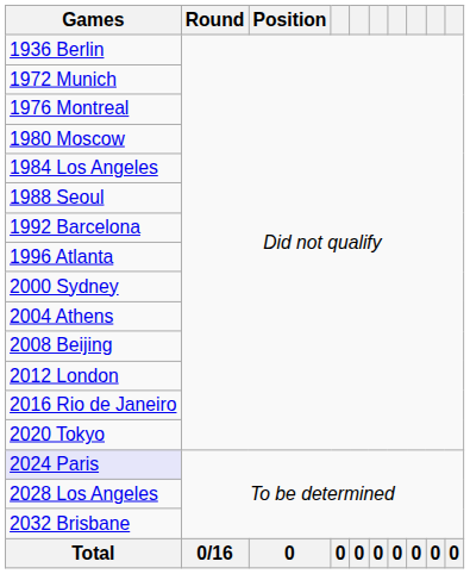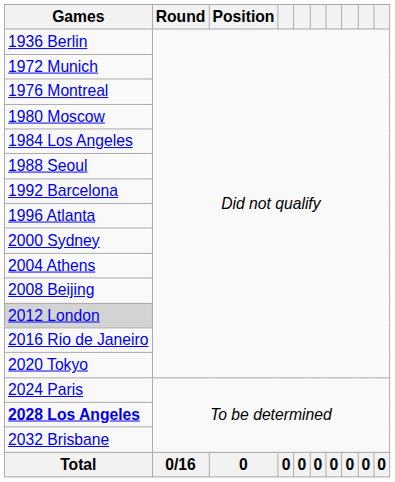 <table class="wikitable" style="text-align: center;">
 <tr>
 <th>Games</th>
 <th>Round</th>
 <th>Position</th>
 <th></th>
 <th></th>
 <th></th>
 <th></th>
 <th></th>
 <th></th>
 <th></th>
 </tr>
 <tr>
 <td align=left> <a href='#'>1936 Berlin</a></td>
 <td rowspan=14 colspan=9><em>Did not qualify</em></td>
 </tr>
 <tr>
 <td align=left> <a href='#'>1972 Munich</a></td>
 </tr>
 <tr>
 <td align=left> <a href='#'>1976 Montreal</a></td>
 </tr>
 <tr>
 <td align=left> <a href='#'>1980 Moscow</a></td>
 </tr>
 <tr>
 <td align=left> <a href='#'>1984 Los Angeles</a></td>
 </tr>
 <tr>
 <td align=left> <a href='#'>1988 Seoul</a></td>
 </tr>
 <tr>
 <td align=left> <a href='#'>1992 Barcelona</a></td>
 </tr>
 <tr>
 <td align=left> <a href='#'>1996 Atlanta</a></td>
 </tr>
 <tr>
 <td align=left> <a href='#'>2000 Sydney</a></td>
 </tr>
 <tr>
 <td align=left> <a href='#'>2004 Athens</a></td>
 </tr>
 <tr>
 <td align=left> <a href='#'>2008 Beijing</a></td>
 </tr>
 <tr>
-<td align=left> <a href='#'>2012 London</a></td>
+<td align=left style="background: lightgrey;"> <a href='#'>2012 London</a></td>
 </tr>
 <tr>
 <td align=left> <a href='#'>2016 Rio de Janeiro</a></td>
 </tr>
 <tr>
 <td align=left> <a href='#'>2020 Tokyo</a></td>
 </tr>
 <tr>
-<td align=left style="background: lavender;"> <a href='#'>2024 Paris</a></td>
+<td align=left> <a href='#'>2024 Paris</a></td>
 <td rowspan=3 colspan=9><em>To be determined</em></td>
 </tr>
 <tr>
-<td align=left> <a href='#'>2028 Los Angeles</a></td>
+<td align=left><strong> <a href='#'>2028 Los Angeles</a></strong></td>
 </tr>
 <tr>
 <td align=left> <a href='#'>2032 Brisbane</a></td>
 </tr>
 <tr>
 <th>Total</th>
 <th>0/16</th>
 <th>0</th>
 <th>0</th>
 <th>0</th>
 <th>0</th>
 <th>0</th>
 <th>0</th>
 <th>0</th>
 <th>0</th>
 </tr>
 </table>
